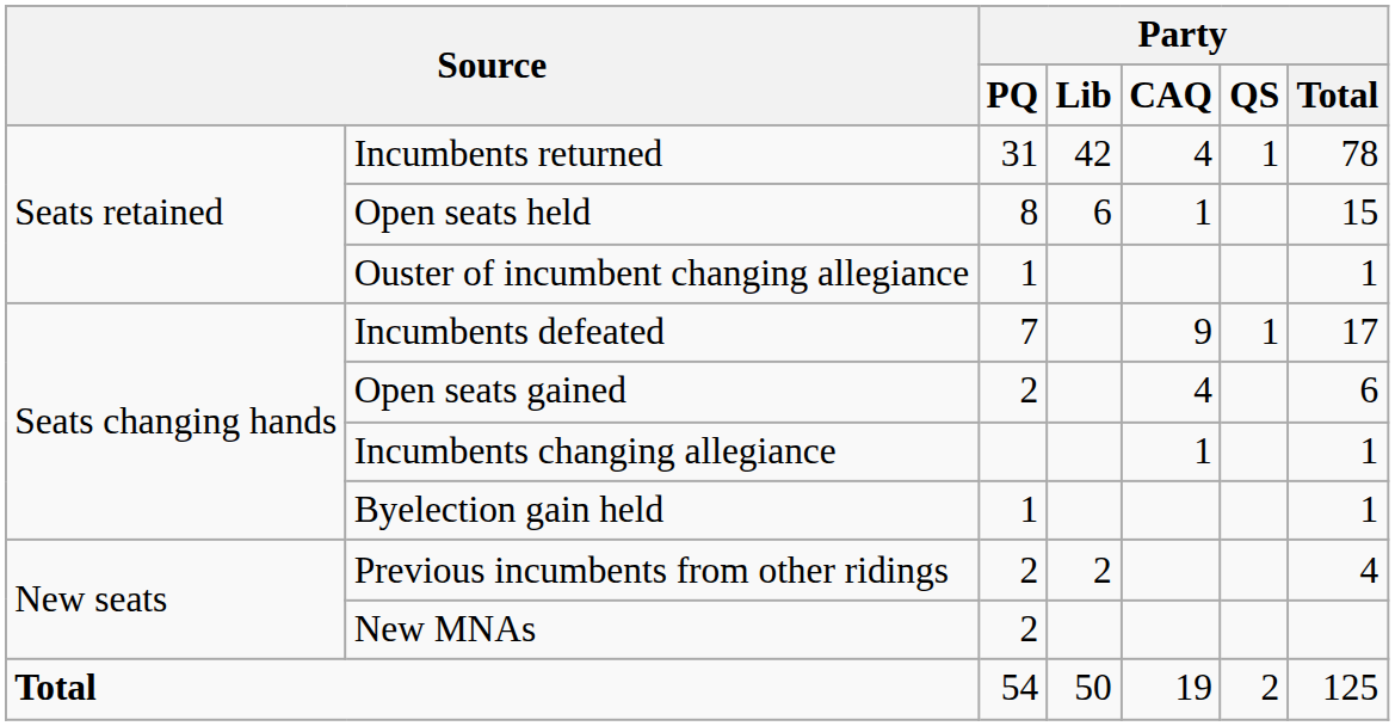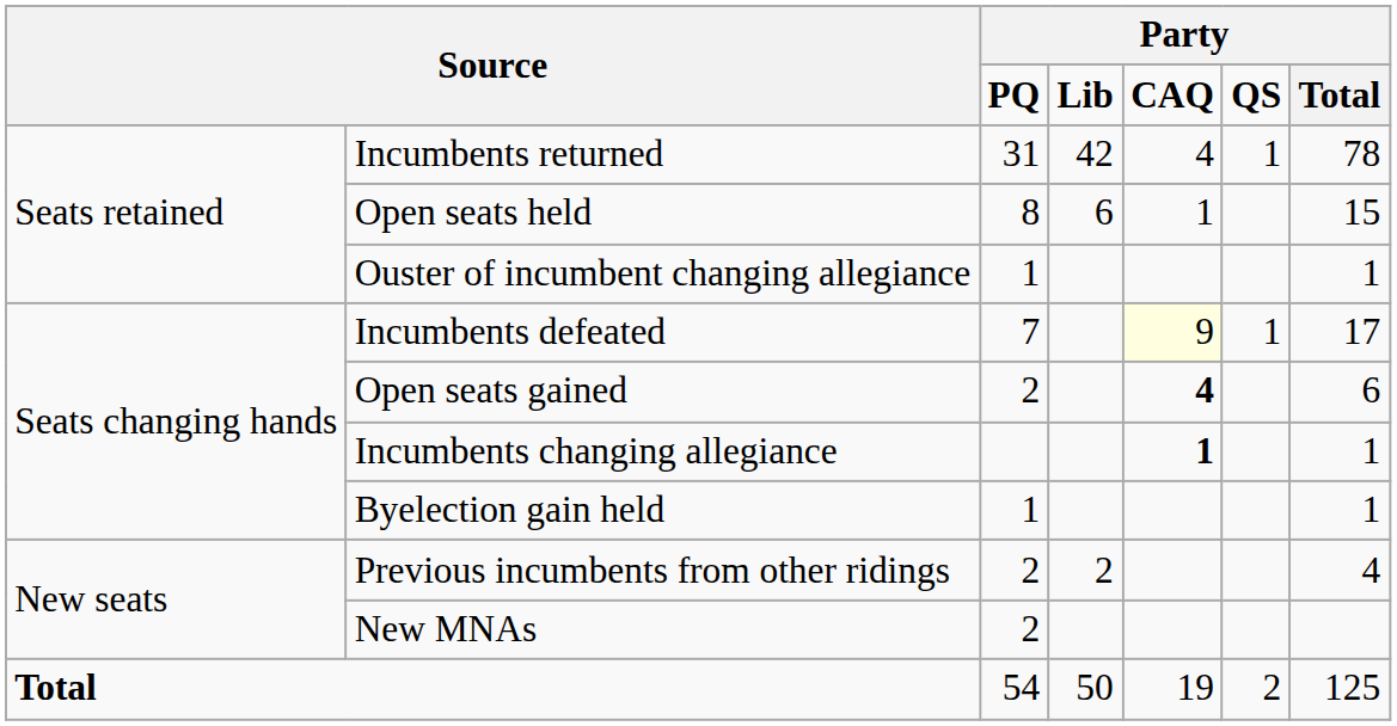 <table class="wikitable" style="text-align:right;">
 <tr>
 <th colspan="2" rowspan="2">Source</th>
 <th colspan="6">Party</th>
 </tr>
 <tr>
 <td><strong>PQ</strong></td>
 <td><strong>Lib</strong></td>
 <td><strong>CAQ</strong></td>
 <td><strong>QS</strong></td>
 <th>Total</th>
 </tr>
 <tr>
 <td rowspan="3" style="text-align:left;">Seats retained</td>
 <td style="text-align:left;">Incumbents returned</td>
 <td>31</td>
 <td>42</td>
 <td>4</td>
 <td>1</td>
 <td>78</td>
 </tr>
 <tr>
 <td style="text-align:left;">Open seats held</td>
 <td>8</td>
 <td>6</td>
 <td>1</td>
 <td></td>
 <td>15</td>
 </tr>
 <tr>
 <td style="text-align:left;">Ouster of incumbent changing allegiance</td>
 <td>1</td>
 <td></td>
 <td></td>
 <td></td>
 <td>1</td>
 </tr>
 <tr>
 <td rowspan="4" style="text-align:left;">Seats changing hands</td>
 <td style="text-align:left;">Incumbents defeated</td>
 <td>7</td>
 <td></td>
-<td>9</td>
+<td style="background: lightyellow;">9</td>
 <td>1</td>
 <td>17</td>
 </tr>
 <tr>
 <td style="text-align:left;">Open seats gained</td>
 <td>2</td>
 <td></td>
-<td>4</td>
+<td><strong>4</strong></td>
 <td></td>
 <td>6</td>
 </tr>
 <tr>
 <td style="text-align:left;">Incumbents changing allegiance</td>
 <td></td>
 <td></td>
-<td>1</td>
+<td><strong>1</strong></td>
 <td></td>
 <td>1</td>
 </tr>
 <tr>
 <td style="text-align:left;">Byelection gain held</td>
 <td>1</td>
 <td></td>
 <td></td>
 <td></td>
 <td>1</td>
 </tr>
 <tr>
 <td rowspan="2" style="text-align:left;">New seats</td>
 <td style="text-align:left;">Previous incumbents from other ridings</td>
 <td>2</td>
 <td>2</td>
 <td></td>
 <td></td>
 <td>4</td>
 </tr>
 <tr>
 <td style="text-align:left;">New MNAs</td>
 <td>2</td>
 <td></td>
 <td></td>
 <td></td>
 <td></td>
 </tr>
 <tr>
 <td colspan="2" style="text-align:left;"><strong>Total</strong></td>
 <td>54</td>
 <td>50</td>
 <td>19</td>
 <td>2</td>
 <td>125</td>
 </tr>
 </table>
